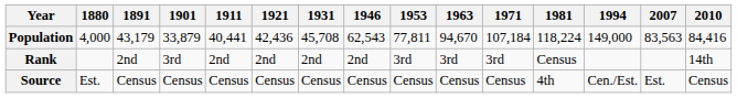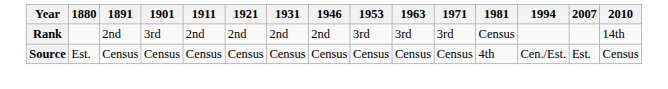 <table class="wikitable" style="margin:1em auto;">
 <tr>
 <th style= style="height:17px;">Year</th>
 <th style=>1880</th>
 <th style=>1891</th>
 <th style=>1901</th>
 <th style=>1911</th>
 <th style=>1921</th>
 <th style=>1931</th>
 <th style=>1946</th>
 <th style=>1953</th>
 <th style=>1963</th>
 <th style=>1971</th>
 <th style=>1981</th>
 <th style=>1994</th>
 <th style=>2007</th>
 <th style=>2010</th>
-</tr>
-<tr>
-<th style=>Population</th>
-<td style=>4,000</td>
-<td style=>43,179</td>
-<td style=>33,879</td>
-<td style=>40,441</td>
-<td style=>42,436</td>
-<td style=>45,708</td>
-<td style=>62,543</td>
-<td style=>77,811</td>
-<td style=>94,670</td>
-<td style=>107,184</td>
-<td style=>118,224</td>
-<td style=>149,000</td>
-<td style=>83,563</td>
-<td style=>84,416</td>
 </tr>
 <tr>
 <th style=>Rank</th>
 <td style=></td>
 <td style=>2nd</td>
 <td style=>3rd</td>
 <td style=>2nd</td>
 <td style=>2nd</td>
 <td style=>2nd</td>
 <td style=>2nd</td>
 <td style=>3rd</td>
 <td style=>3rd</td>
 <td style=>3rd</td>
 <td style=>Census</td>
 <td style=></td>
 <td style=></td>
 <td style=>14th</td>
 </tr>
 <tr>
 <th style=>Source</th>
 <td style=>Est.</td>
 <td style=>Census</td>
 <td style=>Census</td>
 <td style=>Census</td>
 <td style=>Census</td>
 <td style=>Census</td>
 <td style=>Census</td>
 <td style=>Census</td>
 <td style=>Census</td>
 <td style=>Census</td>
 <td style=>4th</td>
 <td style=>Cen./Est.</td>
 <td style=>Est.</td>
 <td style=>Census</td>
 </tr>
 </table>
